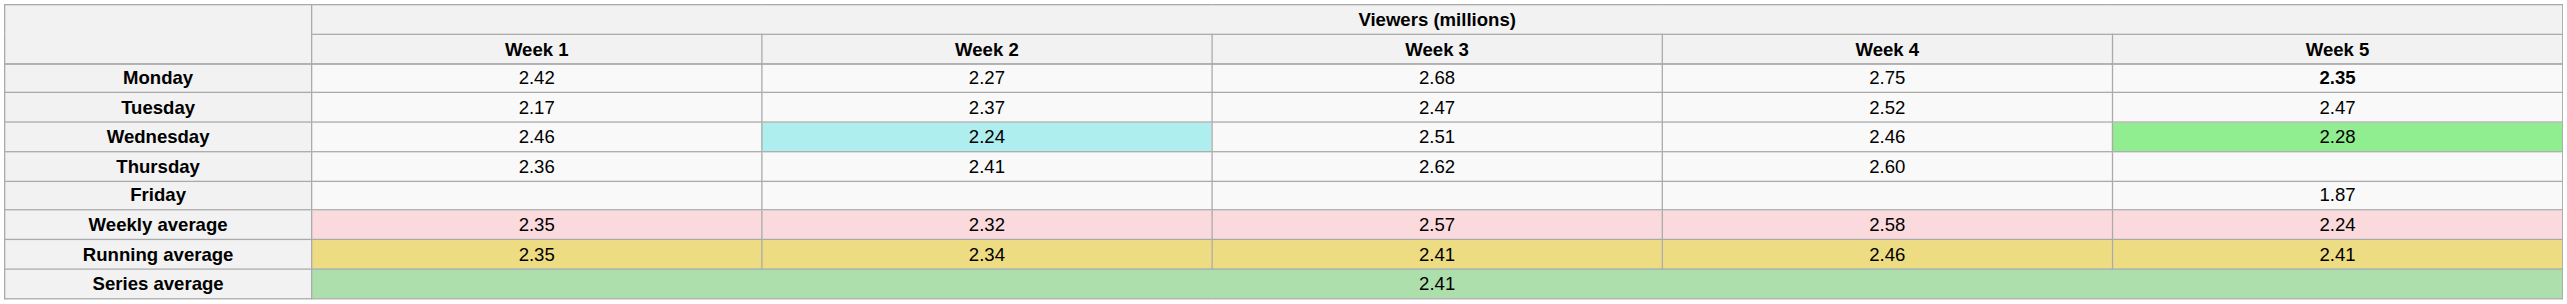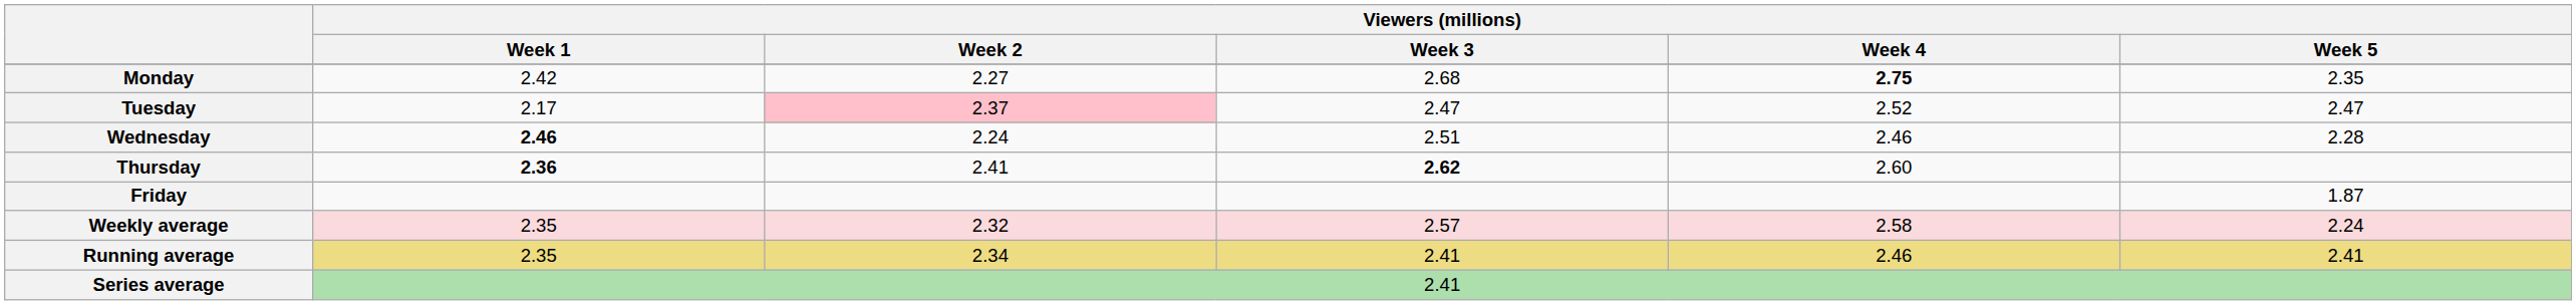 <table class="wikitable" style="font-size:90%; text-align:center; width: 100%; margin-left: auto; margin-right: auto;">
 <tr>
 <th scope="col" rowspan="2" style="width:12%;"></th>
 <th scope=col colspan=7>Viewers (millions)</th>
 </tr>
 <tr>
 <th>Week 1</th>
 <th>Week 2</th>
 <th>Week 3</th>
 <th>Week 4</th>
 <th>Week 5</th>
 </tr>
 <tr>
 </tr>
 <tr>
 <th>Monday</th>
 <td>2.42</td>
 <td>2.27</td>
 <td>2.68</td>
-<td>2.75</td>
-<td><strong>2.35</strong></td>
+<td><strong>2.75</strong></td>
+<td>2.35</td>
 </tr>
 <tr>
 <th>Tuesday</th>
 <td>2.17</td>
-<td>2.37</td>
+<td style="background: pink;">2.37</td>
 <td>2.47</td>
 <td>2.52</td>
 <td>2.47</td>
 </tr>
 <tr>
 <th>Wednesday</th>
-<td>2.46</td>
-<td style="background: paleturquoise;">2.24</td>
+<td><strong>2.46</strong></td>
+<td>2.24</td>
 <td>2.51</td>
 <td>2.46</td>
-<td style="background: lightgreen;">2.28</td>
+<td>2.28</td>
 </tr>
 <tr>
 <th>Thursday</th>
-<td>2.36</td>
+<td><strong>2.36</strong></td>
 <td>2.41</td>
-<td>2.62</td>
+<td><strong>2.62</strong></td>
 <td>2.60</td>
 <td></td>
 </tr>
 <tr>
 <th>Friday</th>
 <td></td>
 <td></td>
 <td></td>
 <td></td>
 <td>1.87</td>
 </tr>
 <tr>
 <th>Weekly average</th>
 <td style="background:#FADADD;">2.35</td>
 <td style="background:#FADADD;">2.32</td>
 <td style="background:#FADADD;">2.57</td>
 <td style="background:#FADADD;">2.58</td>
 <td style="background:#FADADD;">2.24</td>
 </tr>
 <tr>
 <th>Running average</th>
 <td style="background:#EEDC82;">2.35</td>
 <td style="background:#EEDC82;">2.34</td>
 <td style="background:#EEDC82;">2.41</td>
 <td style="background:#EEDC82;">2.46</td>
 <td style="background:#EEDC82;">2.41</td>
 </tr>
 <tr>
 <th>Series average</th>
 <td colspan="5" style="background:#ADDFAD;">2.41</td>
 </tr>
 </table>
